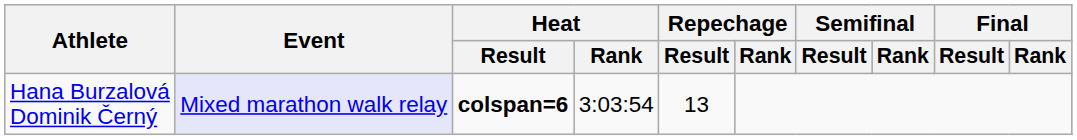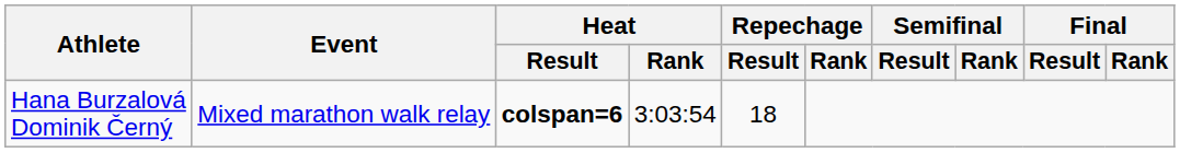 <table class="wikitable" style="font-size:90%">
 <tr>
 <th rowspan="2">Athlete</th>
 <th rowspan="2">Event</th>
 <th colspan="2">Heat</th>
 <th colspan="2">Repechage</th>
 <th colspan="2">Semifinal</th>
 <th colspan="2">Final</th>
 </tr>
 <tr style="font-size:95%">
 <th>Result</th>
 <th>Rank</th>
 <th>Result</th>
 <th>Rank</th>
 <th>Result</th>
 <th>Rank</th>
 <th>Result</th>
 <th>Rank</th>
 </tr>
 <tr align=center>
 <td align=left><a href='#'>Hana Burzalová</a><br><a href='#'>Dominik Černý</a><br></td>
-<td align=left style="background: lavender;"><a href='#'>Mixed marathon walk relay</a></td>
+<td align=left><a href='#'>Mixed marathon walk relay</a></td>
 <td><strong>colspan=6 </strong></td>
 <td>3:03:54</td>
-<td>13</td>
+<td>18</td>
 </tr>
 </table>
